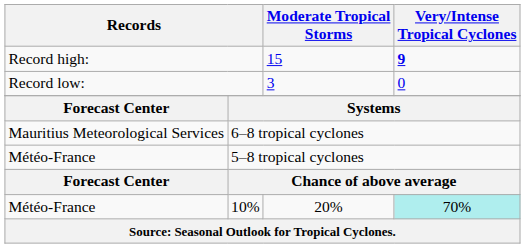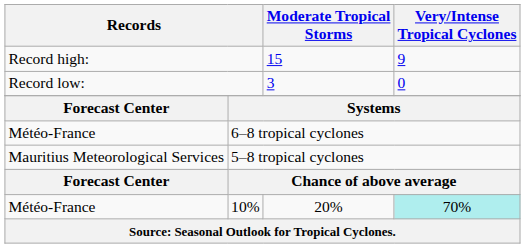 <table class="wikitable" align="right" style="margin:0 0 0.5em 1em;">
 <tr>
 <th colspan=2>Records</th>
 <th><a href='#'>Moderate Tropical<br>Storms</a></th>
 <th><a href='#'>Very/Intense<br>Tropical Cyclones</a></th>
 </tr>
 <tr>
 <td colspan=2>Record high:</td>
 <td><a href='#'>15</a></td>
-<td><strong><a href='#'>9</a></strong></td>
+<td><a href='#'>9</a></td>
 </tr>
 <tr>
 <td colspan=2>Record low:</td>
 <td><a href='#'>3</a></td>
 <td><a href='#'>0</a></td>
 </tr>
 <tr>
 </tr>
 <tr>
 <th>Forecast Center</th>
 <th colspan="3">Systems</th>
 </tr>
 <tr>
-<td>Mauritius Meteorological Services</td>
+<td>Météo-France</td>
 <td colspan="4">6–8 tropical cyclones</td>
 </tr>
 <tr>
-<td>Météo-France</td>
+<td>Mauritius Meteorological Services</td>
 <td colspan="4">5–8 tropical cyclones</td>
 </tr>
 <tr>
 <th>Forecast Center</th>
 <th colspan="3">Chance of above average</th>
 </tr>
 <tr>
 <td>Météo-France</td>
 <td style="text-align:center;">10%</td>
 <td style="text-align:center;">20%</td>
 <td style="background: paleturquoise; text-align:center;">70%</td>
 </tr>
 <tr>
 <th colspan="5"><small>Source: Seasonal Outlook for Tropical Cyclones.</small></th>
 </tr>
 </table>
